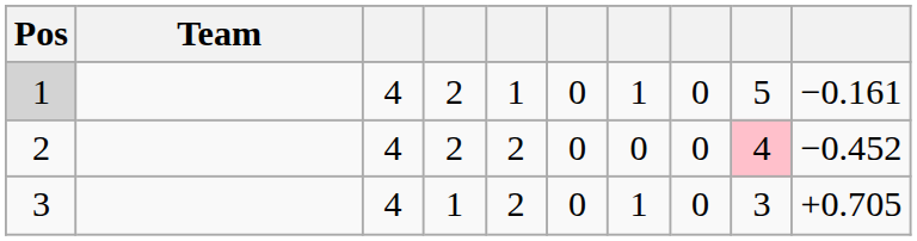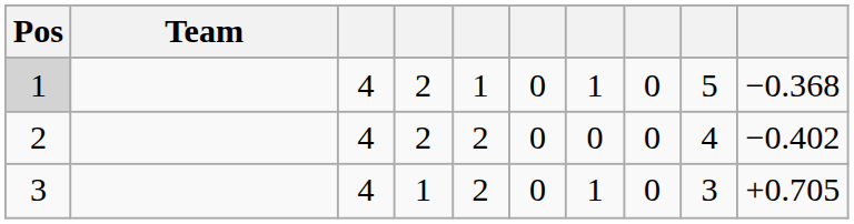 <table class="wikitable" style="text-align:center">
 <tr>
 <th>Pos</th>
 <th width="120">Team</th>
 <th width="20"></th>
 <th width="20"></th>
 <th width="20"></th>
 <th width="20"></th>
 <th width="20"></th>
 <th width="20"></th>
 <th width="20"></th>
 <th><a href='#'></a></th>
 </tr>
 <tr>
 <td style="background: lightgrey;">1</td>
 <td align="left"></td>
 <td>4</td>
 <td>2</td>
 <td>1</td>
 <td>0</td>
 <td>1</td>
 <td>0</td>
 <td>5</td>
-<td>−0.161</td>
+<td>−0.368</td>
 </tr>
 <tr>
 <td>2</td>
 <td align="left"></td>
 <td>4</td>
 <td>2</td>
 <td>2</td>
 <td>0</td>
 <td>0</td>
 <td>0</td>
-<td style="background: pink;">4</td>
-<td>−0.452</td>
+<td>4</td>
+<td>−0.402</td>
 </tr>
 <tr>
 <td>3</td>
 <td align="left"></td>
 <td>4</td>
 <td>1</td>
 <td>2</td>
 <td>0</td>
 <td>1</td>
 <td>0</td>
 <td>3</td>
 <td>+0.705</td>
 </tr>
 </table>
